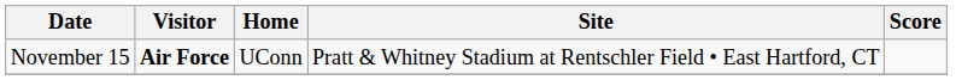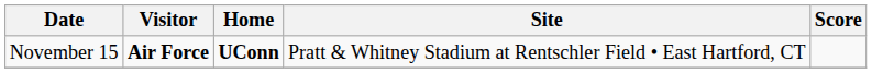 <table class="wikitable">
 <tr>
 <th>Date</th>
 <th>Visitor</th>
 <th>Home</th>
 <th>Site</th>
 <th>Score</th>
 </tr>
 <tr>
 <td>November 15</td>
 <td><strong>Air Force</strong></td>
-<td>UConn</td>
+<td><strong>UConn</strong></td>
 <td>Pratt & Whitney Stadium at Rentschler Field • East Hartford, CT</td>
 <td> </td>
 </tr>
 <tr>
 </tr>
 </table>
